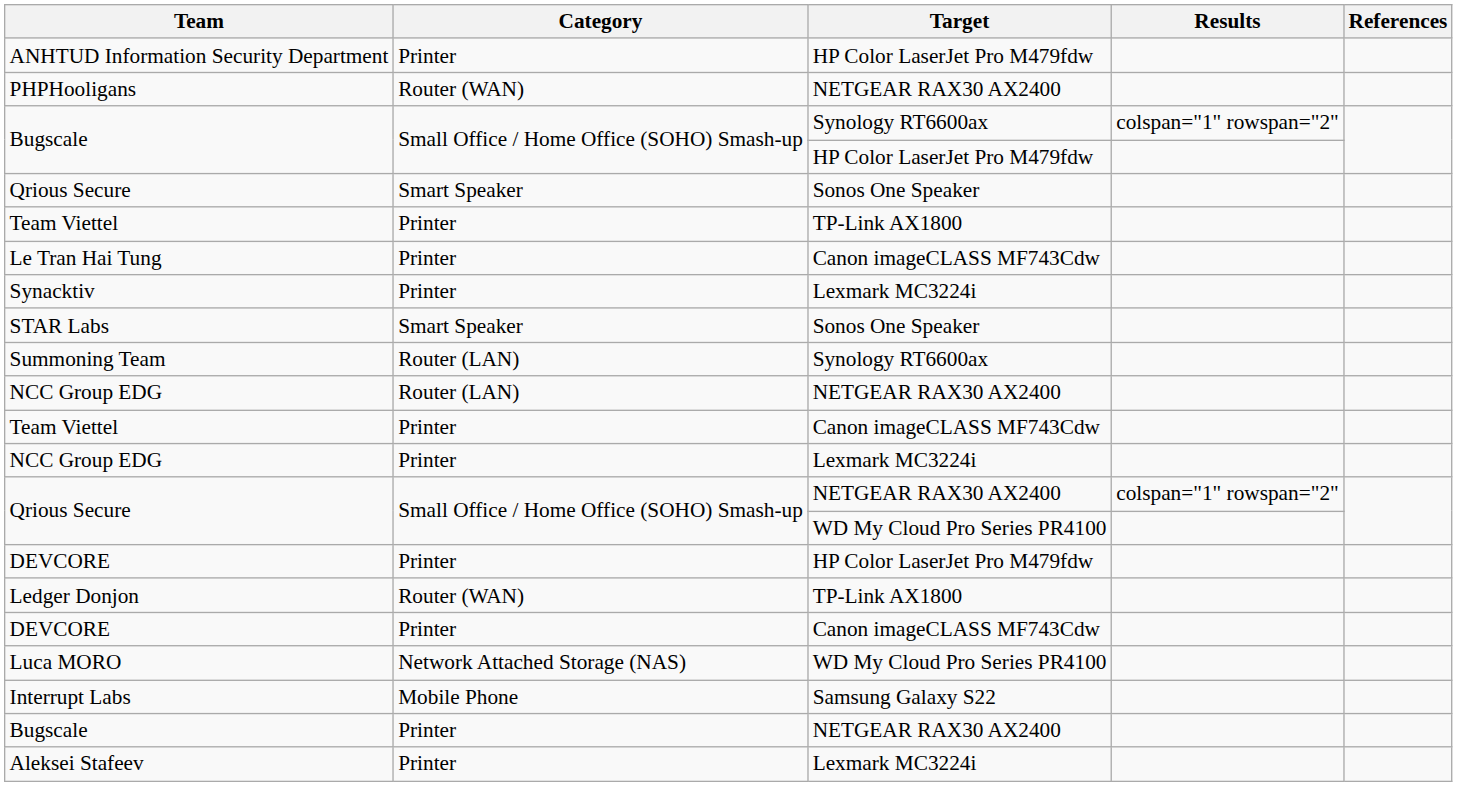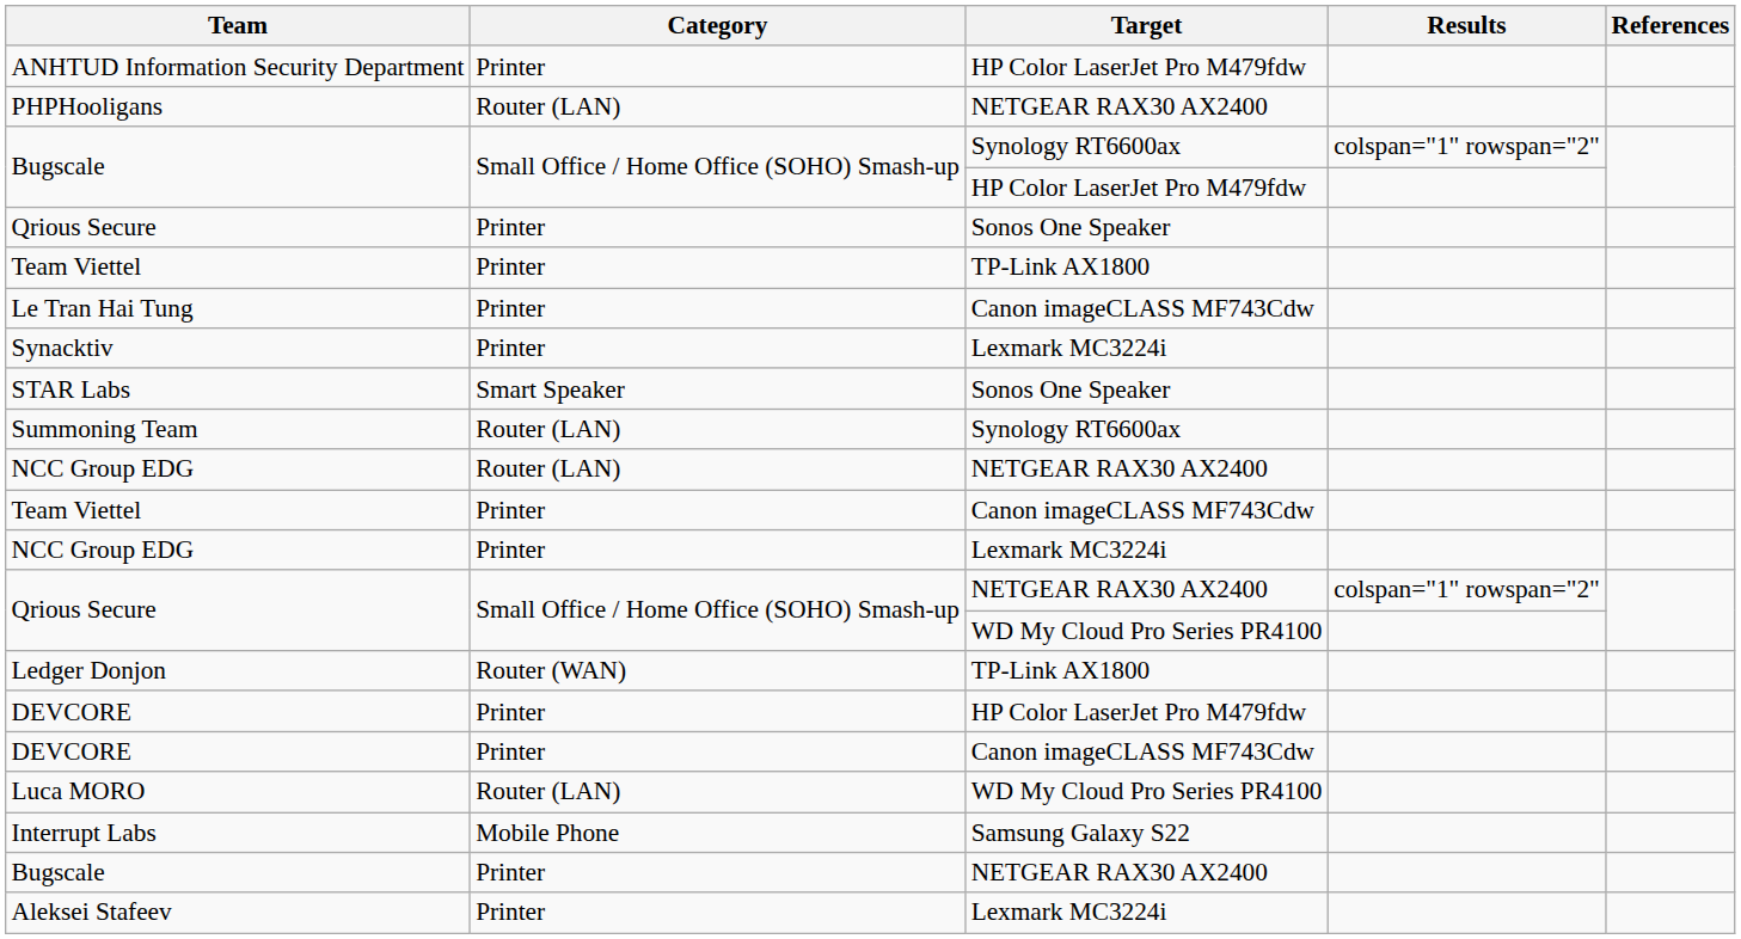 <table class="wikitable mw-collapsible">
 <tr>
 <th>Team</th>
 <th>Category</th>
 <th>Target</th>
 <th>Results</th>
 <th>References</th>
 </tr>
 <tr>
 <td>ANHTUD Information Security Department</td>
 <td>Printer</td>
 <td>HP Color LaserJet Pro M479fdw</td>
 <td></td>
 <td></td>
 </tr>
 <tr>
 <td>PHPHooligans</td>
-<td>Router (WAN)</td>
+<td>Router (LAN)</td>
 <td>NETGEAR RAX30 AX2400</td>
 <td></td>
 <td></td>
 </tr>
 <tr>
 <td colspan="1" rowspan="2">Bugscale</td>
 <td colspan="1" rowspan="2">Small Office / Home Office (SOHO) Smash-up</td>
 <td>Synology RT6600ax</td>
 <td>colspan="1" rowspan="2" </td>
 <td rowspan="2"></td>
 </tr>
 <tr>
 <td>HP Color LaserJet Pro M479fdw</td>
 </tr>
 <tr>
 <td>Qrious Secure</td>
-<td>Smart Speaker</td>
+<td>Printer</td>
 <td>Sonos One Speaker</td>
 <td></td>
 <td></td>
 </tr>
 <tr>
 <td>Team Viettel</td>
 <td>Printer</td>
 <td>TP-Link AX1800</td>
 <td></td>
 <td></td>
 </tr>
 <tr>
 <td>Le Tran Hai Tung</td>
 <td>Printer</td>
 <td>Canon imageCLASS MF743Cdw</td>
 <td></td>
 <td></td>
 </tr>
 <tr>
 <td>Synacktiv</td>
 <td>Printer</td>
 <td>Lexmark MC3224i</td>
 <td></td>
 <td></td>
 </tr>
 <tr>
 <td>STAR Labs</td>
 <td>Smart Speaker</td>
 <td>Sonos One Speaker</td>
 <td></td>
 <td></td>
 </tr>
 <tr>
 <td>Summoning Team</td>
 <td>Router (LAN)</td>
 <td>Synology RT6600ax</td>
 <td></td>
 <td></td>
 </tr>
 <tr>
 <td>NCC Group EDG</td>
 <td>Router (LAN)</td>
 <td>NETGEAR RAX30 AX2400</td>
 <td></td>
 <td></td>
 </tr>
 <tr>
 <td>Team Viettel</td>
 <td>Printer</td>
 <td>Canon imageCLASS MF743Cdw</td>
 <td></td>
 <td></td>
 </tr>
 <tr>
 <td>NCC Group EDG</td>
 <td>Printer</td>
 <td>Lexmark MC3224i</td>
 <td></td>
 <td></td>
 </tr>
 <tr>
 <td colspan="1" rowspan="2">Qrious Secure</td>
 <td colspan="1" rowspan="2">Small Office / Home Office (SOHO) Smash-up</td>
 <td>NETGEAR RAX30 AX2400</td>
 <td>colspan="1" rowspan="2" </td>
 <td rowspan="2"></td>
 </tr>
 <tr>
 <td>WD My Cloud Pro Series PR4100</td>
 </tr>
 <tr>
-<td>DEVCORE</td>
-<td>Printer</td>
-<td>HP Color LaserJet Pro M479fdw</td>
+<td>Ledger Donjon</td>
+<td>Router (WAN)</td>
+<td>TP-Link AX1800</td>
 <td></td>
 <td></td>
 </tr>
 <tr>
-<td>Ledger Donjon</td>
-<td>Router (WAN)</td>
-<td>TP-Link AX1800</td>
+<td>DEVCORE</td>
+<td>Printer</td>
+<td>HP Color LaserJet Pro M479fdw</td>
 <td></td>
 <td></td>
 </tr>
 <tr>
 <td>DEVCORE</td>
 <td>Printer</td>
 <td>Canon imageCLASS MF743Cdw</td>
 <td></td>
 <td></td>
 </tr>
 <tr>
 <td>Luca MORO</td>
-<td>Network Attached Storage (NAS)</td>
+<td>Router (LAN)</td>
 <td>WD My Cloud Pro Series PR4100</td>
 <td></td>
 <td></td>
 </tr>
 <tr>
 <td>Interrupt Labs</td>
 <td>Mobile Phone</td>
 <td>Samsung Galaxy S22</td>
 <td></td>
 <td></td>
 </tr>
 <tr>
 <td>Bugscale</td>
 <td>Printer</td>
 <td>NETGEAR RAX30 AX2400</td>
 <td></td>
 <td></td>
 </tr>
 <tr>
 <td>Aleksei Stafeev</td>
 <td>Printer</td>
 <td>Lexmark MC3224i</td>
 <td></td>
 <td></td>
 </tr>
 </table>
